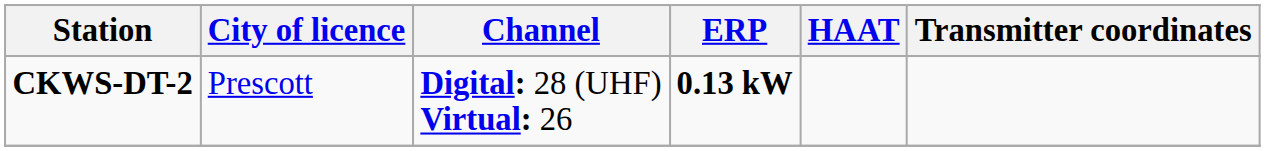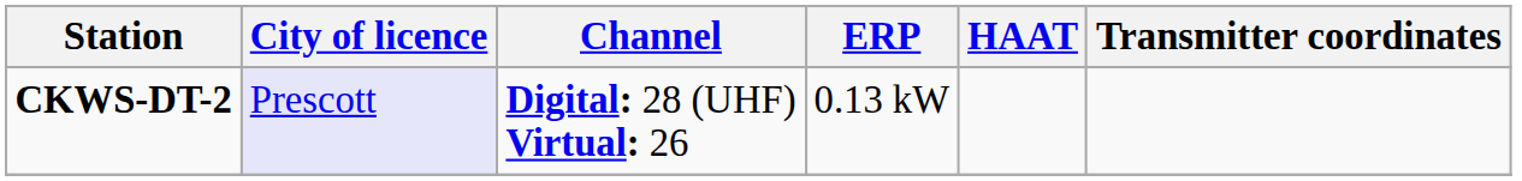 <table class="wikitable">
 <tr>
 <th>Station</th>
 <th><a href='#'>City of licence</a></th>
 <th><a href='#'>Channel</a></th>
 <th><a href='#'>ERP</a></th>
 <th><a href='#'>HAAT</a></th>
 <th>Transmitter coordinates</th>
 </tr>
 <tr style="vertical-align: top; text-align: left;">
 <td><strong>CKWS-DT-2</strong></td>
-<td><a href='#'>Prescott</a></td>
+<td style="background: lavender;"><a href='#'>Prescott</a></td>
 <td><strong><a href='#'>Digital</a>:</strong> 28 (UHF)<br><strong><a href='#'>Virtual</a>:</strong> 26</td>
-<td><strong>0.13 kW</strong></td>
+<td>0.13 kW</td>
 <td></td>
 <td></td>
 </tr>
 <tr style="vertical-align: top; text-align: left;">
 </tr>
 </table>
